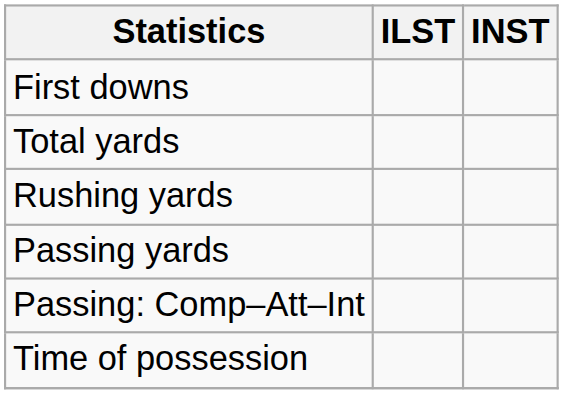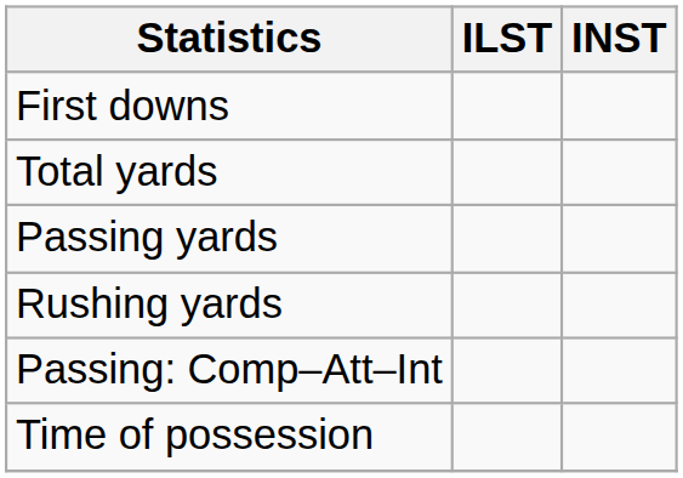 <table class="wikitable" style="float: left;">
 <tr>
 <th>Statistics</th>
 <th>ILST</th>
 <th>INST</th>
 </tr>
 <tr>
 <td>First downs</td>
 <td></td>
 <td></td>
 </tr>
 <tr>
 <td>Total yards</td>
 <td></td>
 <td></td>
 </tr>
 <tr>
-<td>Rushing yards</td>
+<td>Passing yards</td>
 <td></td>
 <td></td>
 </tr>
 <tr>
-<td>Passing yards</td>
+<td>Rushing yards</td>
 <td></td>
 <td></td>
 </tr>
 <tr>
 <td>Passing: Comp–Att–Int</td>
 <td></td>
 <td></td>
 </tr>
 <tr>
 <td>Time of possession</td>
 <td></td>
 <td></td>
 </tr>
 <tr>
 </tr>
 </table>
